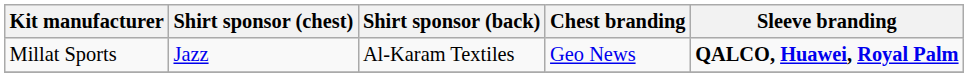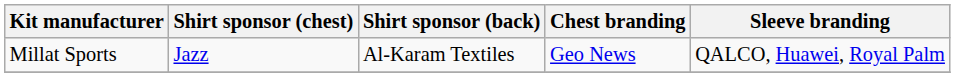 <table class="wikitable"  style="font-size:85%;">
 <tr>
 <th>Kit manufacturer</th>
 <th>Shirt sponsor (chest)</th>
 <th>Shirt sponsor (back)</th>
 <th>Chest branding</th>
 <th>Sleeve branding</th>
 </tr>
 <tr>
 <td>Millat Sports</td>
 <td><a href='#'>Jazz</a></td>
 <td>Al-Karam Textiles</td>
 <td><a href='#'>Geo News</a></td>
-<td><strong>QALCO, <a href='#'>Huawei</a>, <a href='#'>Royal Palm</a></strong></td>
+<td>QALCO, <a href='#'>Huawei</a>, <a href='#'>Royal Palm</a></td>
 </tr>
 <tr>
 </tr>
 </table>
